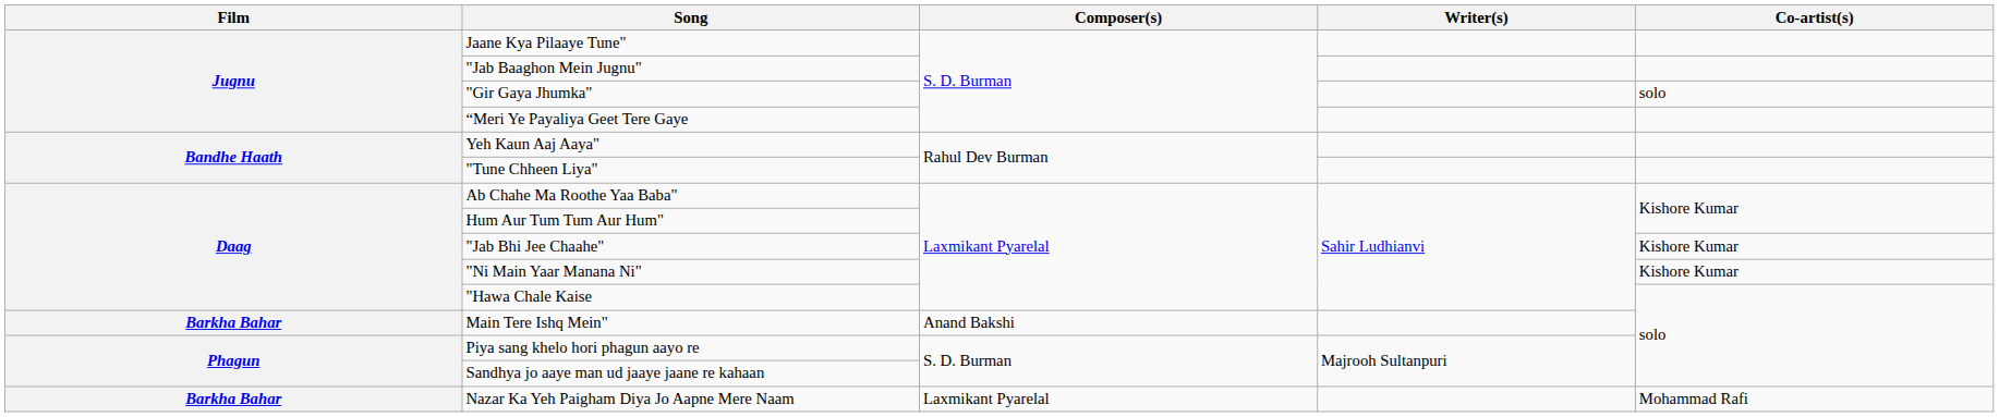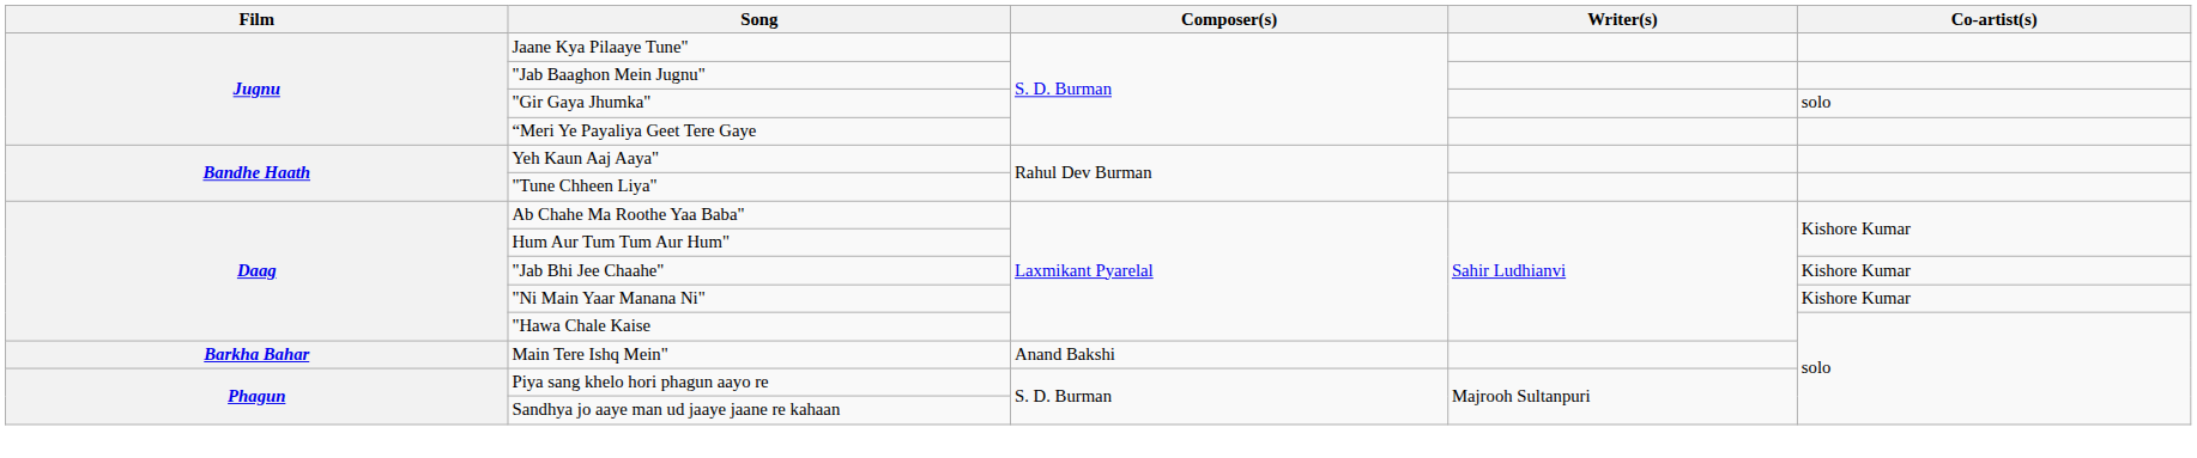 <table class="wikitable plainrowheaders" style="width:100%; textcolor:#000">
 <tr style="background:#b0e0e66;">
 <th scope="col" style="width:23%;"><strong>Film</strong></th>
 <th scope="col" style="width:23%;"><strong>Song</strong></th>
 <th scope="col" style="width:20%;"><strong>Composer(s)</strong></th>
 <th scope="col" style="width:16%;"><strong>Writer(s)</strong></th>
 <th scope="col" style="width:18%;"><strong>Co-artist(s)</strong></th>
 </tr>
 <tr>
 <th Rowspan=4><em><a href='#'>Jugnu</a></em></th>
 <td>Jaane Kya Pilaaye Tune"</td>
 <td rowspan=4><a href='#'>S. D. Burman</a></td>
 <td></td>
 <td></td>
 </tr>
 <tr>
 <td>"Jab Baaghon Mein Jugnu"</td>
 <td></td>
 </tr>
 <tr>
 <td>"Gir Gaya Jhumka"</td>
 <td></td>
 <td>solo</td>
 </tr>
 <tr>
 <td>“Meri Ye Payaliya Geet Tere Gaye</td>
 <td></td>
 <td></td>
 </tr>
 <tr>
 <th Rowspan=2><em><a href='#'>Bandhe Haath</a></em></th>
 <td>Yeh Kaun Aaj Aaya"</td>
 <td rowspan=2>Rahul Dev Burman</td>
 <td></td>
 <td></td>
 </tr>
 <tr>
 <td>"Tune Chheen Liya"</td>
 <td></td>
 <td></td>
 </tr>
 <tr>
 <th Rowspan=5><em><a href='#'>Daag</a></em></th>
 <td>Ab Chahe Ma Roothe Yaa Baba"</td>
 <td rowspan=5><a href='#'>Laxmikant Pyarelal</a></td>
 <td rowspan=5><a href='#'>Sahir Ludhianvi</a></td>
 <td rowspan=2>Kishore Kumar</td>
 </tr>
 <tr>
 <td>Hum Aur Tum Tum Aur Hum"</td>
 </tr>
 <tr>
 <td>"Jab Bhi Jee Chaahe"</td>
 <td>Kishore Kumar</td>
 </tr>
 <tr>
 <td>"Ni Main Yaar Manana Ni"</td>
 <td>Kishore Kumar</td>
 </tr>
 <tr>
 <td>"Hawa Chale Kaise</td>
 <td rowspan=4>solo</td>
 </tr>
 <tr>
 <th><em><a href='#'>Barkha Bahar</a></em></th>
 <td>Main Tere Ishq Mein"</td>
 <td>Anand Bakshi</td>
 </tr>
 <tr>
 <th rowspan=2><em><a href='#'>Phagun</a></em></th>
 <td>Piya sang khelo hori phagun aayo re</td>
 <td rowspan=2>S. D. Burman</td>
 <td rowspan=2>Majrooh Sultanpuri</td>
 </tr>
 <tr>
 <td>Sandhya jo aaye man ud jaaye jaane re kahaan</td>
 </tr>
-<tr>
-<th><em><a href='#'>Barkha Bahar</a></em></th>
-<td>Nazar Ka Yeh Paigham Diya Jo Aapne Mere Naam</td>
-<td>Laxmikant Pyarelal</td>
-<td></td>
-<td>Mohammad Rafi</td>
-</tr>
 </table>
